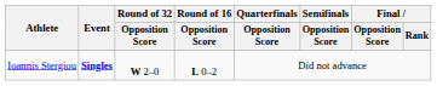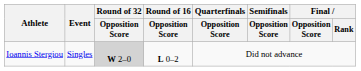 <table class=wikitable style="font-size:90%">
 <tr>
 <th rowspan="2">Athlete</th>
 <th rowspan="2">Event</th>
 <th>Round of 32</th>
 <th>Round of 16</th>
 <th>Quarterfinals</th>
 <th>Semifinals</th>
 <th colspan=2>Final / </th>
 </tr>
 <tr style="font-size:95%">
 <th>Opposition<br>Score</th>
 <th>Opposition<br>Score</th>
 <th>Opposition<br>Score</th>
 <th>Opposition<br>Score</th>
 <th>Opposition<br>Score</th>
 <th>Rank</th>
 </tr>
 <tr align=center>
 <td align=left><a href='#'>Ioannis Stergiou</a></td>
-<td align=left><strong><a href='#'>Singles</a></strong></td>
-<td><br><strong>W</strong> 2–0</td>
+<td align=left><a href='#'>Singles</a></td>
+<td style="background: lightgrey;"><br><strong>W</strong> 2–0</td>
 <td><br><strong>L</strong> 0–2</td>
 <td colspan=4>Did not advance</td>
 </tr>
 </table>
